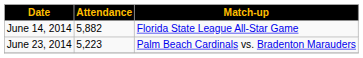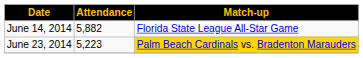 <table class="wikitable">
 <tr>
 <th style="background:black; color:#ffbf00;">Date</th>
 <th style="background:black; color:#ffbf00;">Attendance</th>
 <th style="background:black; color:#ffbf00;">Match-up</th>
 </tr>
 <tr>
 <td>June 14, 2014</td>
 <td>5,882</td>
 <td><a href='#'>Florida State League All-Star Game</a></td>
 </tr>
 <tr>
 <td>June 23, 2014</td>
 <td>5,223</td>
-<td><a href='#'>Palm Beach Cardinals</a> vs. <a href='#'>Bradenton Marauders</a></td>
+<td style="background: gold;"><a href='#'>Palm Beach Cardinals</a> vs. <a href='#'>Bradenton Marauders</a></td>
 </tr>
 <tr>
 </tr>
 </table>
